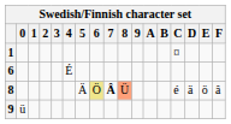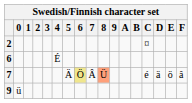 <table class="wikitable">
 <tr>
 <th colspan="17">Swedish/Finnish character set</th>
 </tr>
 <tr>
 <th></th>
 <th>0</th>
 <th>1</th>
 <th>2</th>
 <th>3</th>
 <th>4</th>
 <th>5</th>
 <th>6</th>
 <th>7</th>
 <th>8</th>
 <th>9</th>
 <th>A</th>
 <th>B</th>
 <th>C</th>
 <th>D</th>
 <th>E</th>
 <th>F</th>
 </tr>
 <tr>
-<th>1</th>
+<th>2</th>
 <td></td>
 <td></td>
 <td></td>
 <td></td>
 <td></td>
 <td></td>
 <td></td>
 <td></td>
 <td></td>
 <td></td>
 <td></td>
 <td></td>
 <td>¤</td>
 <td></td>
 <td></td>
 <td></td>
 </tr>
 <tr>
 <th>6</th>
 <td></td>
 <td></td>
 <td></td>
 <td></td>
 <td>É</td>
 <td></td>
 <td></td>
 <td></td>
 <td></td>
 <td></td>
 <td></td>
 <td></td>
 <td></td>
 <td></td>
 <td></td>
 <td></td>
 </tr>
 <tr>
-<th>8</th>
+<th>7</th>
 <td></td>
 <td></td>
 <td></td>
 <td></td>
 <td></td>
 <td>Ä</td>
 <td style="background: khaki;">Ö</td>
-<td><strong>Â</strong></td>
+<td>Â</td>
 <td style="background: lightsalmon;">Ü</td>
 <td></td>
 <td></td>
 <td></td>
 <td>é</td>
 <td>ä</td>
 <td>ö</td>
 <td>â</td>
 </tr>
 <tr>
 <th>9</th>
 <td>ü</td>
 <td></td>
 <td></td>
 <td></td>
 <td></td>
 <td></td>
 <td></td>
 <td></td>
 <td></td>
 <td></td>
 <td></td>
 <td></td>
 <td></td>
 <td></td>
 <td></td>
 <td></td>
 </tr>
 </table>
